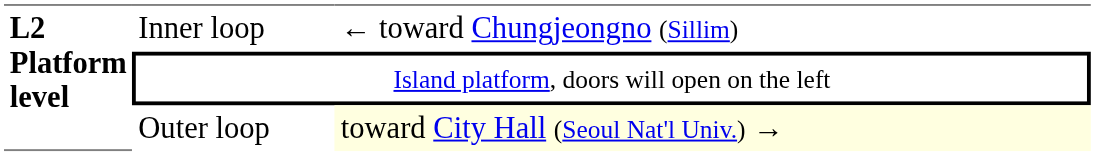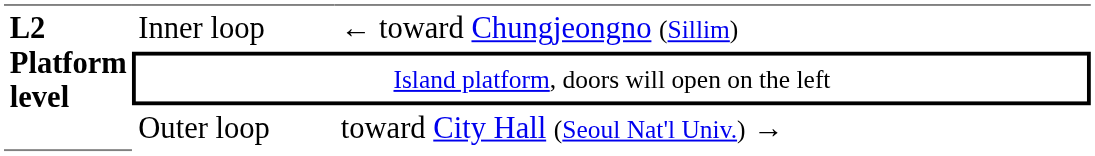 <table table border=0 cellspacing=0 cellpadding=3>
 <tr>
 <td style="border-top:solid 1px gray;border-bottom:solid 1px gray;" width=50 rowspan=10 valign=top><strong>L2<br>Platform level</strong></td>
 <td style="border-bottom:solid 0px gray;border-top:solid 1px gray;" width=100>Inner loop</td>
 <td style="border-bottom:solid 0px gray;border-top:solid 1px gray;" width=390>←  toward <a href='#'>Chungjeongno</a> <small>(<a href='#'>Sillim</a>)</small></td>
 </tr>
 <tr>
 <td style="border-top:solid 2px black;border-right:solid 2px black;border-left:solid 2px black;border-bottom:solid 2px black;text-align:center;" colspan=2><small><a href='#'>Island platform</a>, doors will open on the left </small></td>
 </tr>
 <tr>
 <td>Outer loop</td>
-<td style="background: lightyellow;"> toward <a href='#'>City Hall</a> <small>(<a href='#'>Seoul Nat'l Univ.</a>)</small> →</td>
+<td> toward <a href='#'>City Hall</a> <small>(<a href='#'>Seoul Nat'l Univ.</a>)</small> →</td>
 </tr>
 </table>
